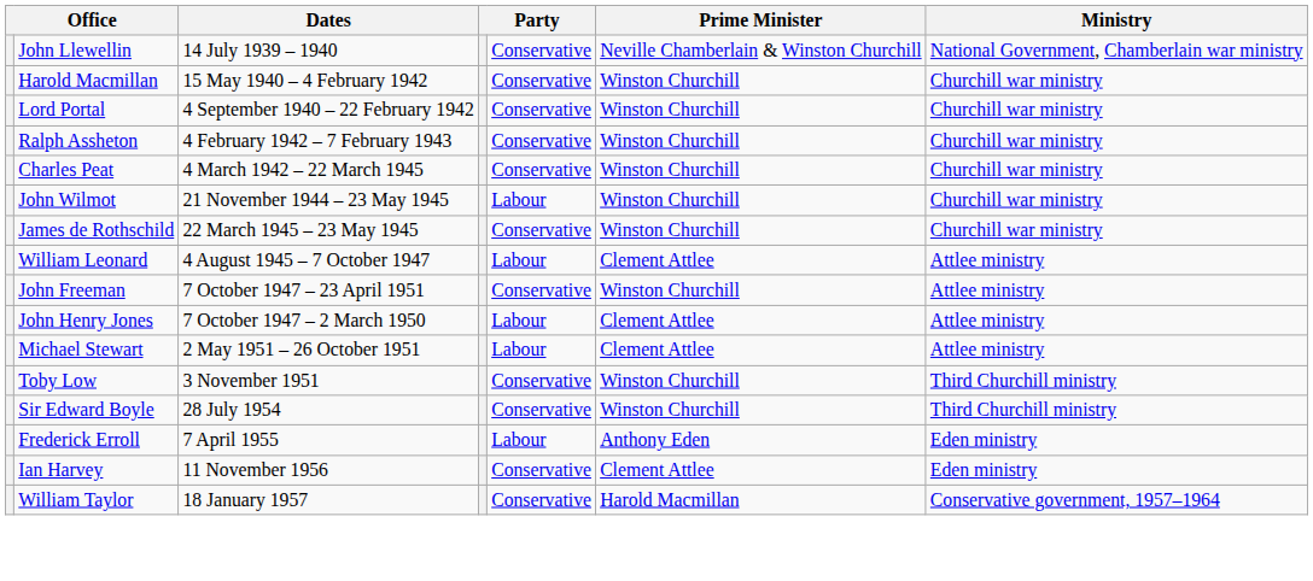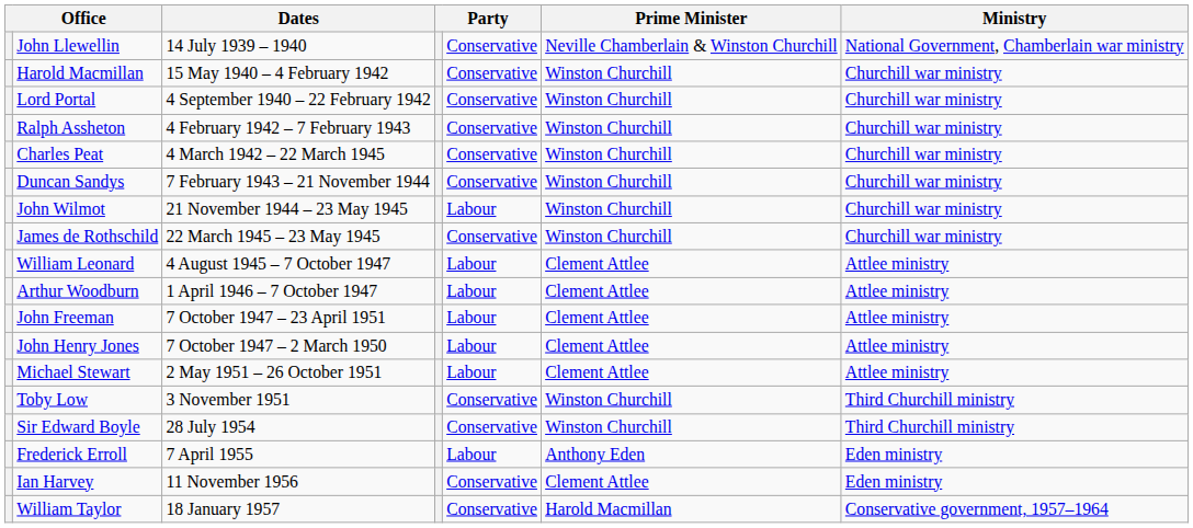 <table class="wikitable sortable">
 <tr>
 <th colspan="2">Office</th>
 <th>Dates</th>
 <th colspan="2">Party</th>
 <th>Prime Minister</th>
 <th>Ministry</th>
 </tr>
 <tr>
 <th style="background-color: "></th>
 <td><a href='#'>John Llewellin</a></td>
 <td>14 July 1939 – 1940</td>
 <th style="background-color: "></th>
 <td><a href='#'>Conservative</a></td>
 <td><a href='#'>Neville Chamberlain</a> & <a href='#'>Winston Churchill</a></td>
 <td><a href='#'>National Government</a>, <a href='#'>Chamberlain war ministry</a></td>
 </tr>
 <tr>
 <th style="background-color: "></th>
 <td><a href='#'>Harold Macmillan</a></td>
 <td>15 May 1940 – 4 February 1942</td>
 <th style="background-color: "></th>
 <td><a href='#'>Conservative</a></td>
 <td><a href='#'>Winston Churchill</a></td>
 <td><a href='#'>Churchill war ministry</a></td>
 </tr>
 <tr>
 <th style="background-color: "></th>
 <td><a href='#'>Lord Portal</a></td>
 <td>4 September 1940 – 22 February 1942</td>
 <th style="background-color: "></th>
 <td><a href='#'>Conservative</a></td>
 <td><a href='#'>Winston Churchill</a></td>
 <td><a href='#'>Churchill war ministry</a></td>
 </tr>
 <tr>
 <th style="background-color: "></th>
 <td><a href='#'>Ralph Assheton</a></td>
 <td>4 February 1942 – 7 February 1943</td>
 <th style="background-color: "></th>
 <td><a href='#'>Conservative</a></td>
 <td><a href='#'>Winston Churchill</a></td>
 <td><a href='#'>Churchill war ministry</a></td>
 </tr>
 <tr>
 <th style="background-color: "></th>
 <td><a href='#'>Charles Peat</a></td>
 <td>4 March 1942 – 22 March 1945</td>
 <th style="background-color: "></th>
 <td><a href='#'>Conservative</a></td>
 <td><a href='#'>Winston Churchill</a></td>
 <td><a href='#'>Churchill war ministry</a></td>
 </tr>
 <tr>
 <th style="background-color: "></th>
+<td><a href='#'>Duncan Sandys</a></td>
+<td>7 February 1943 – 21 November 1944</td>
+<th style="background-color: "></th>
+<td><a href='#'>Conservative</a></td>
+<td><a href='#'>Winston Churchill</a></td>
+<td><a href='#'>Churchill war ministry</a></td>
+</tr>
+<tr>
+<th style="background-color: "></th>
 <td><a href='#'>John Wilmot</a></td>
 <td>21 November 1944 – 23 May 1945</td>
 <th style="background-color: "></th>
 <td><a href='#'>Labour</a></td>
 <td><a href='#'>Winston Churchill</a></td>
 <td><a href='#'>Churchill war ministry</a></td>
 </tr>
 <tr>
 <th style="background-color: "></th>
 <td><a href='#'>James de Rothschild</a></td>
 <td>22 March 1945 – 23 May 1945</td>
 <th style="background-color: "></th>
 <td><a href='#'>Conservative</a></td>
 <td><a href='#'>Winston Churchill</a></td>
 <td><a href='#'>Churchill war ministry</a></td>
 </tr>
 <tr>
 <th style="background-color: "></th>
 <td><a href='#'>William Leonard</a></td>
 <td>4 August 1945 – 7 October 1947</td>
 <th style="background-color: "></th>
 <td><a href='#'>Labour</a></td>
 <td><a href='#'>Clement Attlee</a></td>
 <td><a href='#'>Attlee ministry</a></td>
 </tr>
 <tr>
 <th style="background-color: "></th>
+<td><a href='#'>Arthur Woodburn</a></td>
+<td>1 April 1946 – 7 October 1947</td>
+<th style="background-color: "></th>
+<td><a href='#'>Labour</a></td>
+<td><a href='#'>Clement Attlee</a></td>
+<td><a href='#'>Attlee ministry</a></td>
+</tr>
+<tr>
+<th style="background-color: "></th>
 <td><a href='#'>John Freeman</a></td>
 <td>7 October 1947 – 23 April 1951</td>
 <th style="background-color: "></th>
-<td><a href='#'>Conservative</a></td>
-<td><a href='#'>Winston Churchill</a></td>
+<td><a href='#'>Labour</a></td>
+<td><a href='#'>Clement Attlee</a></td>
 <td><a href='#'>Attlee ministry</a></td>
 </tr>
 <tr>
 <th style="background-color: "></th>
 <td><a href='#'>John Henry Jones</a></td>
 <td>7 October 1947 – 2 March 1950</td>
 <th style="background-color: "></th>
 <td><a href='#'>Labour</a></td>
 <td><a href='#'>Clement Attlee</a></td>
 <td><a href='#'>Attlee ministry</a></td>
 </tr>
 <tr>
 <th style="background-color: "></th>
 <td><a href='#'>Michael Stewart</a></td>
 <td>2 May 1951 – 26 October 1951</td>
 <th style="background-color: "></th>
 <td><a href='#'>Labour</a></td>
 <td><a href='#'>Clement Attlee</a></td>
 <td><a href='#'>Attlee ministry</a></td>
 </tr>
 <tr>
 <th style="background-color: "></th>
 <td><a href='#'>Toby Low</a></td>
 <td>3 November 1951</td>
 <th style="background-color: "></th>
 <td><a href='#'>Conservative</a></td>
 <td><a href='#'>Winston Churchill</a></td>
 <td><a href='#'>Third Churchill ministry</a></td>
 </tr>
 <tr>
 <th style="background-color: "></th>
 <td><a href='#'>Sir Edward Boyle</a></td>
 <td>28 July 1954</td>
 <th style="background-color: "></th>
 <td><a href='#'>Conservative</a></td>
 <td><a href='#'>Winston Churchill</a></td>
 <td><a href='#'>Third Churchill ministry</a></td>
 </tr>
 <tr>
 <th style="background-color: "></th>
 <td><a href='#'>Frederick Erroll</a></td>
 <td>7 April 1955</td>
 <th style="background-color: "></th>
 <td><a href='#'>Labour</a></td>
 <td><a href='#'>Anthony Eden</a></td>
 <td><a href='#'>Eden ministry</a></td>
 </tr>
 <tr>
 <th style="background-color: "></th>
 <td><a href='#'>Ian Harvey</a></td>
 <td>11 November 1956</td>
 <th style="background-color: "></th>
 <td><a href='#'>Conservative</a></td>
 <td><a href='#'>Clement Attlee</a></td>
 <td><a href='#'>Eden ministry</a></td>
 </tr>
 <tr>
 <th style="background-color: "></th>
 <td><a href='#'>William Taylor</a></td>
 <td>18 January 1957</td>
 <th style="background-color: "></th>
 <td><a href='#'>Conservative</a></td>
 <td><a href='#'>Harold Macmillan</a></td>
 <td><a href='#'>Conservative government, 1957–1964</a></td>
 </tr>
 </table>
